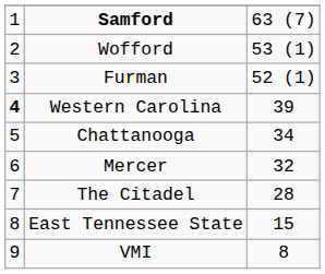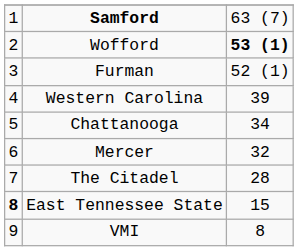 <table class="wikitable" style="display: inline-table;">
 <tr align="center">
 </tr>
 <tr align="center">
 <td>1</td>
 <td><strong>Samford</strong></td>
 <td>63 (7)</td>
 </tr>
 <tr align="center">
 <td>2</td>
 <td>Wofford</td>
-<td>53 (1)</td>
+<td><strong>53 (1)</strong></td>
 </tr>
 <tr align="center">
 <td>3</td>
 <td>Furman</td>
 <td>52 (1)</td>
 </tr>
 <tr align="center">
-<td><strong>4</strong></td>
+<td>4</td>
 <td>Western Carolina</td>
 <td>39</td>
 </tr>
 <tr align="center">
 <td>5</td>
 <td>Chattanooga</td>
 <td>34</td>
 </tr>
 <tr align="center">
 <td>6</td>
 <td>Mercer</td>
 <td>32</td>
 </tr>
 <tr align="center">
 <td>7</td>
 <td>The Citadel</td>
 <td>28</td>
 </tr>
 <tr align="center">
-<td>8</td>
+<td><strong>8</strong></td>
 <td>East Tennessee State</td>
 <td>15</td>
 </tr>
 <tr align="center">
 <td>9</td>
 <td>VMI</td>
 <td>8</td>
 </tr>
 </table>
